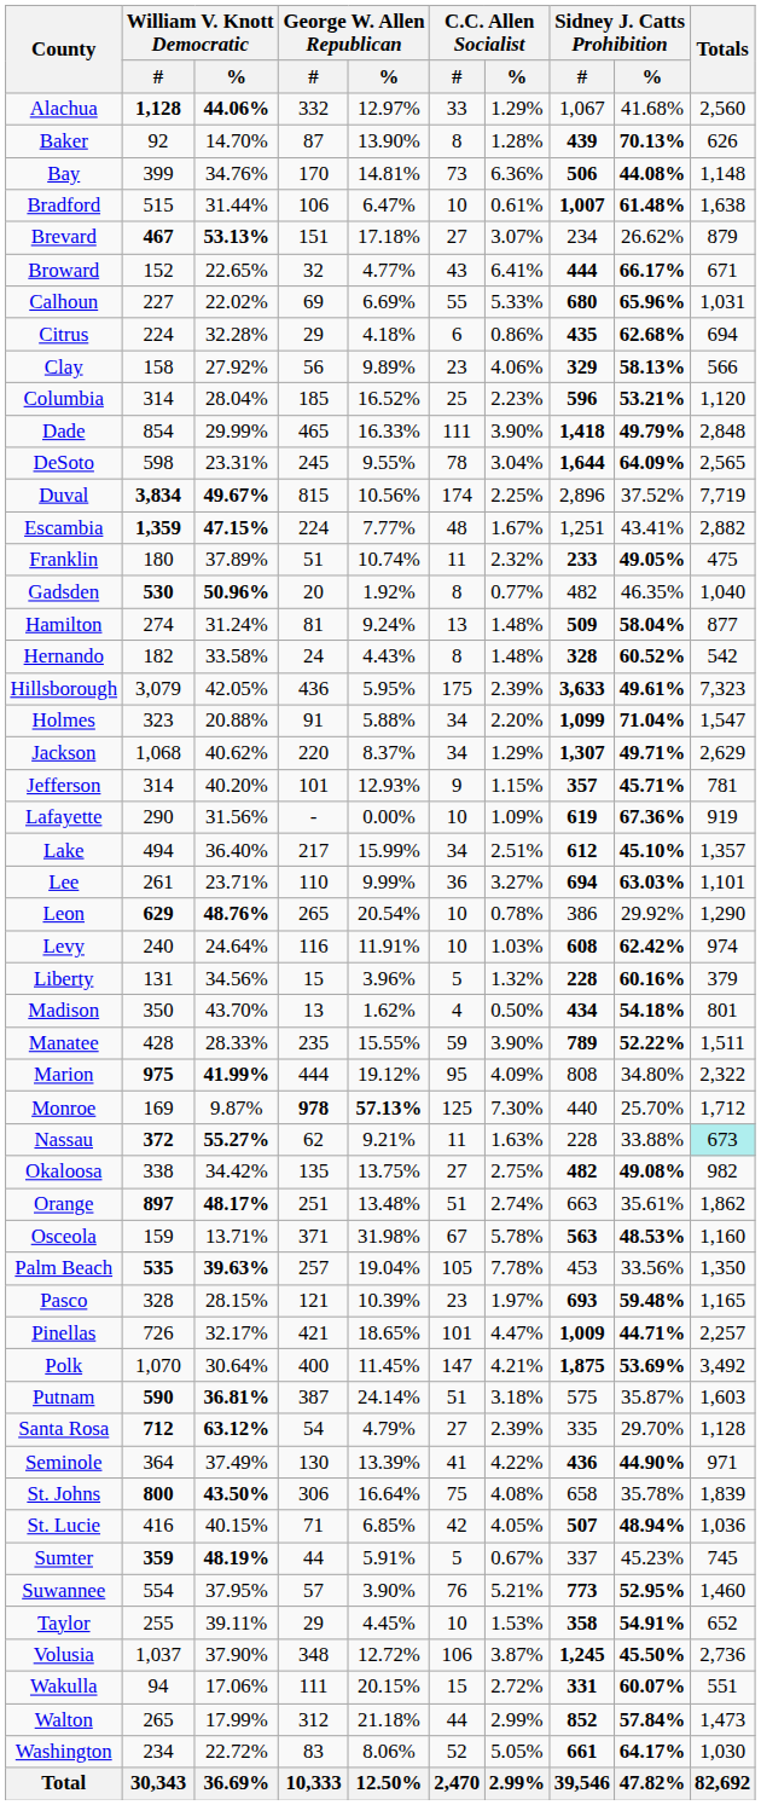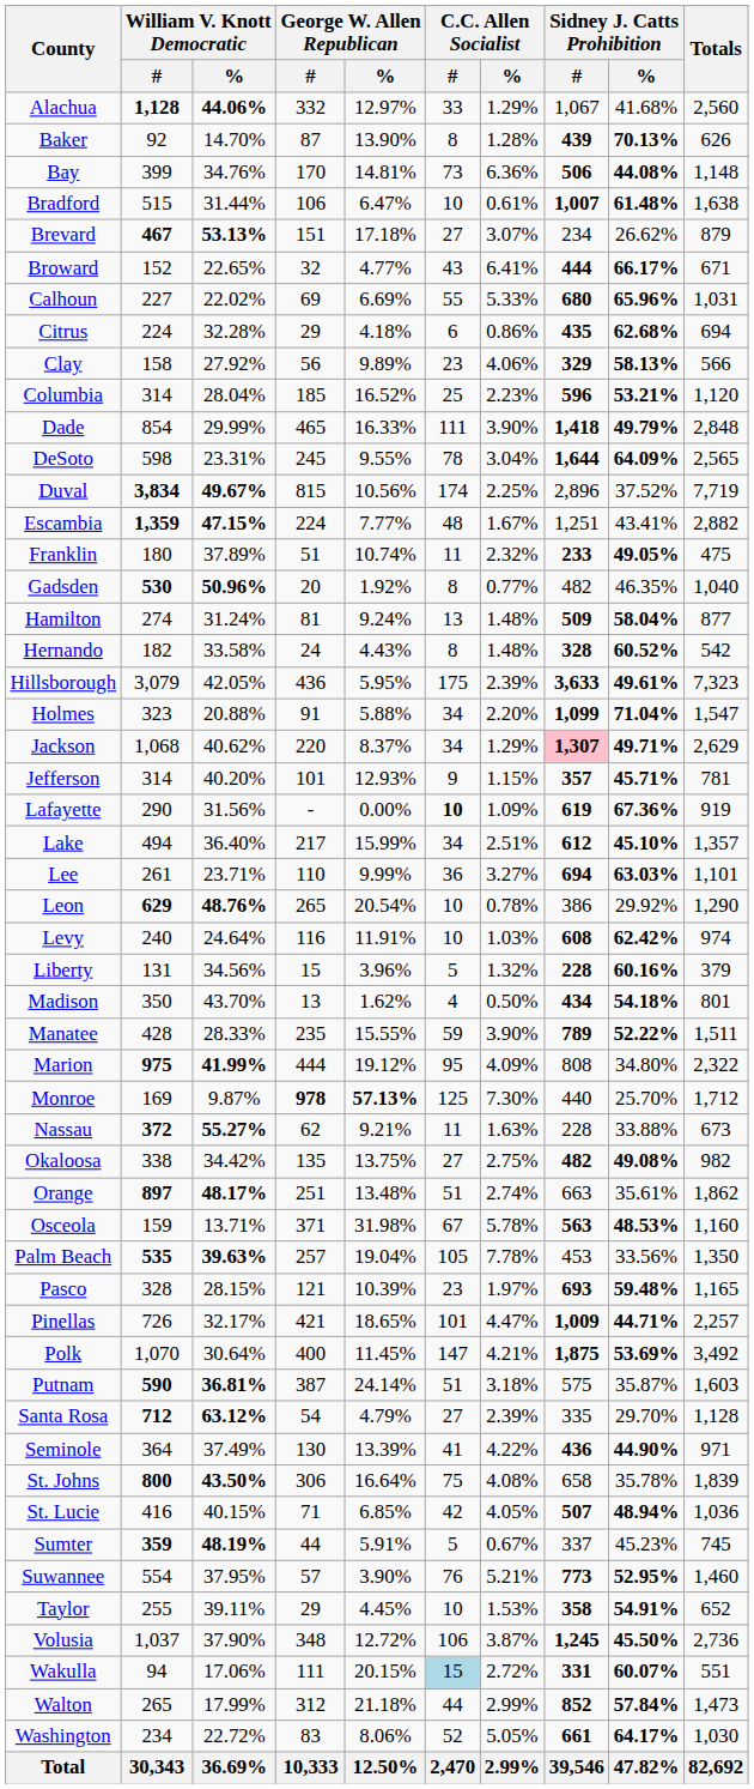 <table class="wikitable sortable">
 <tr>
 <th rowspan="2">County</th>
 <th colspan="2" style="text-align: center;" >William V. Knott <br><em>Democratic</em></th>
 <th colspan="2" style="text-align: center;" >George W. Allen <br> <em>Republican</em></th>
 <th colspan="2" style="text-align: center;" >C.C. Allen <br> <em>Socialist</em></th>
 <th colspan="2" style="text-align: center;" >Sidney J. Catts  <br> <em>Prohibition</em></th>
 <th rowspan="2">Totals</th>
 </tr>
 <tr>
 <th colspan="1" style="text-align: center;" >#</th>
 <th colspan="1" style="text-align: center;" >%</th>
 <th colspan="1" style="text-align: center;" >#</th>
 <th colspan="1" style="text-align: center;" >%</th>
 <th colspan="1" style="text-align: center;" >#</th>
 <th colspan="1" style="text-align: center;" >%</th>
 <th colspan="1" style="text-align: center;" >#</th>
 <th colspan="1" style="text-align: center;" >%</th>
 </tr>
 <tr style="text-align:center;">
 <td><a href='#'>Alachua</a></td>
 <td><strong>1,128</strong></td>
 <td><strong>44.06%</strong></td>
 <td>332</td>
 <td>12.97%</td>
 <td>33</td>
 <td>1.29%</td>
 <td>1,067</td>
 <td>41.68%</td>
 <td>2,560</td>
 </tr>
 <tr style="text-align:center;">
 <td><a href='#'>Baker</a></td>
 <td>92</td>
 <td>14.70%</td>
 <td>87</td>
 <td>13.90%</td>
 <td>8</td>
 <td>1.28%</td>
 <td><strong>439</strong></td>
 <td><strong>70.13%</strong></td>
 <td>626</td>
 </tr>
 <tr style="text-align:center;">
 <td><a href='#'>Bay</a></td>
 <td>399</td>
 <td>34.76%</td>
 <td>170</td>
 <td>14.81%</td>
 <td>73</td>
 <td>6.36%</td>
 <td><strong>506</strong></td>
 <td><strong>44.08%</strong></td>
 <td>1,148</td>
 </tr>
 <tr style="text-align:center;">
 <td><a href='#'>Bradford</a></td>
 <td>515</td>
 <td>31.44%</td>
 <td>106</td>
 <td>6.47%</td>
 <td>10</td>
 <td>0.61%</td>
 <td><strong>1,007</strong></td>
 <td><strong>61.48%</strong></td>
 <td>1,638</td>
 </tr>
 <tr style="text-align:center;">
 <td><a href='#'>Brevard</a></td>
 <td><strong>467</strong></td>
 <td><strong>53.13%</strong></td>
 <td>151</td>
 <td>17.18%</td>
 <td>27</td>
 <td>3.07%</td>
 <td>234</td>
 <td>26.62%</td>
 <td>879</td>
 </tr>
 <tr style="text-align:center;">
 <td><a href='#'>Broward</a></td>
 <td>152</td>
 <td>22.65%</td>
 <td>32</td>
 <td>4.77%</td>
 <td>43</td>
 <td>6.41%</td>
 <td><strong>444</strong></td>
 <td><strong>66.17%</strong></td>
 <td>671</td>
 </tr>
 <tr style="text-align:center;">
 <td><a href='#'>Calhoun</a></td>
 <td>227</td>
 <td>22.02%</td>
 <td>69</td>
 <td>6.69%</td>
 <td>55</td>
 <td>5.33%</td>
 <td><strong>680</strong></td>
 <td><strong>65.96%</strong></td>
 <td>1,031</td>
 </tr>
 <tr style="text-align:center;">
 <td><a href='#'>Citrus</a></td>
 <td>224</td>
 <td>32.28%</td>
 <td>29</td>
 <td>4.18%</td>
 <td>6</td>
 <td>0.86%</td>
 <td><strong>435</strong></td>
 <td><strong>62.68%</strong></td>
 <td>694</td>
 </tr>
 <tr style="text-align:center;">
 <td><a href='#'>Clay</a></td>
 <td>158</td>
 <td>27.92%</td>
 <td>56</td>
 <td>9.89%</td>
 <td>23</td>
 <td>4.06%</td>
 <td><strong>329</strong></td>
 <td><strong>58.13%</strong></td>
 <td>566</td>
 </tr>
 <tr style="text-align:center;">
 <td><a href='#'>Columbia</a></td>
 <td>314</td>
 <td>28.04%</td>
 <td>185</td>
 <td>16.52%</td>
 <td>25</td>
 <td>2.23%</td>
 <td><strong>596</strong></td>
 <td><strong>53.21%</strong></td>
 <td>1,120</td>
 </tr>
 <tr style="text-align:center;">
 <td><a href='#'>Dade</a></td>
 <td>854</td>
 <td>29.99%</td>
 <td>465</td>
 <td>16.33%</td>
 <td>111</td>
 <td>3.90%</td>
 <td><strong>1,418</strong></td>
 <td><strong>49.79%</strong></td>
 <td>2,848</td>
 </tr>
 <tr style="text-align:center;">
 <td><a href='#'>DeSoto</a></td>
 <td>598</td>
 <td>23.31%</td>
 <td>245</td>
 <td>9.55%</td>
 <td>78</td>
 <td>3.04%</td>
 <td><strong>1,644</strong></td>
 <td><strong>64.09%</strong></td>
 <td>2,565</td>
 </tr>
 <tr style="text-align:center;">
 <td><a href='#'>Duval</a></td>
 <td><strong>3,834</strong></td>
 <td><strong>49.67%</strong></td>
 <td>815</td>
 <td>10.56%</td>
 <td>174</td>
 <td>2.25%</td>
 <td>2,896</td>
 <td>37.52%</td>
 <td>7,719</td>
 </tr>
 <tr style="text-align:center;">
 <td><a href='#'>Escambia</a></td>
 <td><strong>1,359</strong></td>
 <td><strong>47.15%</strong></td>
 <td>224</td>
 <td>7.77%</td>
 <td>48</td>
 <td>1.67%</td>
 <td>1,251</td>
 <td>43.41%</td>
 <td>2,882</td>
 </tr>
 <tr style="text-align:center;">
 <td><a href='#'>Franklin</a></td>
 <td>180</td>
 <td>37.89%</td>
 <td>51</td>
 <td>10.74%</td>
 <td>11</td>
 <td>2.32%</td>
 <td><strong>233</strong></td>
 <td><strong>49.05%</strong></td>
 <td>475</td>
 </tr>
 <tr style="text-align:center;">
 <td><a href='#'>Gadsden</a></td>
 <td><strong>530</strong></td>
 <td><strong>50.96%</strong></td>
 <td>20</td>
 <td>1.92%</td>
 <td>8</td>
 <td>0.77%</td>
 <td>482</td>
 <td>46.35%</td>
 <td>1,040</td>
 </tr>
 <tr style="text-align:center;">
 <td><a href='#'>Hamilton</a></td>
 <td>274</td>
 <td>31.24%</td>
 <td>81</td>
 <td>9.24%</td>
 <td>13</td>
 <td>1.48%</td>
 <td><strong>509</strong></td>
 <td><strong>58.04%</strong></td>
 <td>877</td>
 </tr>
 <tr style="text-align:center;">
 <td><a href='#'>Hernando</a></td>
 <td>182</td>
 <td>33.58%</td>
 <td>24</td>
 <td>4.43%</td>
 <td>8</td>
 <td>1.48%</td>
 <td><strong>328</strong></td>
 <td><strong>60.52%</strong></td>
 <td>542</td>
 </tr>
 <tr style="text-align:center;">
 <td><a href='#'>Hillsborough</a></td>
 <td>3,079</td>
 <td>42.05%</td>
 <td>436</td>
 <td>5.95%</td>
 <td>175</td>
 <td>2.39%</td>
 <td><strong>3,633</strong></td>
 <td><strong>49.61%</strong></td>
 <td>7,323</td>
 </tr>
 <tr style="text-align:center;">
 <td><a href='#'>Holmes</a></td>
 <td>323</td>
 <td>20.88%</td>
 <td>91</td>
 <td>5.88%</td>
 <td>34</td>
 <td>2.20%</td>
 <td><strong>1,099</strong></td>
 <td><strong>71.04%</strong></td>
 <td>1,547</td>
 </tr>
 <tr style="text-align:center;">
 <td><a href='#'>Jackson</a></td>
 <td>1,068</td>
 <td>40.62%</td>
 <td>220</td>
 <td>8.37%</td>
 <td>34</td>
 <td>1.29%</td>
-<td><strong>1,307</strong></td>
+<td style="background: pink;"><strong>1,307</strong></td>
 <td><strong>49.71%</strong></td>
 <td>2,629</td>
 </tr>
 <tr style="text-align:center;">
 <td><a href='#'>Jefferson</a></td>
 <td>314</td>
 <td>40.20%</td>
 <td>101</td>
 <td>12.93%</td>
 <td>9</td>
 <td>1.15%</td>
 <td><strong>357</strong></td>
 <td><strong>45.71%</strong></td>
 <td>781</td>
 </tr>
 <tr style="text-align:center;">
 <td><a href='#'>Lafayette</a></td>
 <td>290</td>
 <td>31.56%</td>
 <td>-</td>
 <td>0.00%</td>
-<td>10</td>
+<td><strong>10</strong></td>
 <td>1.09%</td>
 <td><strong>619</strong></td>
 <td><strong>67.36%</strong></td>
 <td>919</td>
 </tr>
 <tr style="text-align:center;">
 <td><a href='#'>Lake</a></td>
 <td>494</td>
 <td>36.40%</td>
 <td>217</td>
 <td>15.99%</td>
 <td>34</td>
 <td>2.51%</td>
 <td><strong>612</strong></td>
 <td><strong>45.10%</strong></td>
 <td>1,357</td>
 </tr>
 <tr style="text-align:center;">
 <td><a href='#'>Lee</a></td>
 <td>261</td>
 <td>23.71%</td>
 <td>110</td>
 <td>9.99%</td>
 <td>36</td>
 <td>3.27%</td>
 <td><strong>694</strong></td>
 <td><strong>63.03%</strong></td>
 <td>1,101</td>
 </tr>
 <tr style="text-align:center;">
 <td><a href='#'>Leon</a></td>
 <td><strong>629</strong></td>
 <td><strong>48.76%</strong></td>
 <td>265</td>
 <td>20.54%</td>
 <td>10</td>
 <td>0.78%</td>
 <td>386</td>
 <td>29.92%</td>
 <td>1,290</td>
 </tr>
 <tr style="text-align:center;">
 <td><a href='#'>Levy</a></td>
 <td>240</td>
 <td>24.64%</td>
 <td>116</td>
 <td>11.91%</td>
 <td>10</td>
 <td>1.03%</td>
 <td><strong>608</strong></td>
 <td><strong>62.42%</strong></td>
 <td>974</td>
 </tr>
 <tr style="text-align:center;">
 <td><a href='#'>Liberty</a></td>
 <td>131</td>
 <td>34.56%</td>
 <td>15</td>
 <td>3.96%</td>
 <td>5</td>
 <td>1.32%</td>
 <td><strong>228</strong></td>
 <td><strong>60.16%</strong></td>
 <td>379</td>
 </tr>
 <tr style="text-align:center;">
 <td><a href='#'>Madison</a></td>
 <td>350</td>
 <td>43.70%</td>
 <td>13</td>
 <td>1.62%</td>
 <td>4</td>
 <td>0.50%</td>
 <td><strong>434</strong></td>
 <td><strong>54.18%</strong></td>
 <td>801</td>
 </tr>
 <tr style="text-align:center;">
 <td><a href='#'>Manatee</a></td>
 <td>428</td>
 <td>28.33%</td>
 <td>235</td>
 <td>15.55%</td>
 <td>59</td>
 <td>3.90%</td>
 <td><strong>789</strong></td>
 <td><strong>52.22%</strong></td>
 <td>1,511</td>
 </tr>
 <tr style="text-align:center;">
 <td><a href='#'>Marion</a></td>
 <td><strong>975</strong></td>
 <td><strong>41.99%</strong></td>
 <td>444</td>
 <td>19.12%</td>
 <td>95</td>
 <td>4.09%</td>
 <td>808</td>
 <td>34.80%</td>
 <td>2,322</td>
 </tr>
 <tr style="text-align:center;">
 <td><a href='#'>Monroe</a></td>
 <td>169</td>
 <td>9.87%</td>
 <td><strong>978</strong></td>
 <td><strong>57.13%</strong></td>
 <td>125</td>
 <td>7.30%</td>
 <td>440</td>
 <td>25.70%</td>
 <td>1,712</td>
 </tr>
 <tr style="text-align:center;">
 <td><a href='#'>Nassau</a></td>
 <td><strong>372</strong></td>
 <td><strong>55.27%</strong></td>
 <td>62</td>
 <td>9.21%</td>
 <td>11</td>
 <td>1.63%</td>
 <td>228</td>
 <td>33.88%</td>
-<td style="background: paleturquoise;">673</td>
+<td>673</td>
 </tr>
 <tr style="text-align:center;">
 <td><a href='#'>Okaloosa</a></td>
 <td>338</td>
 <td>34.42%</td>
 <td>135</td>
 <td>13.75%</td>
 <td>27</td>
 <td>2.75%</td>
 <td><strong>482</strong></td>
 <td><strong>49.08%</strong></td>
 <td>982</td>
 </tr>
 <tr style="text-align:center;">
 <td><a href='#'>Orange</a></td>
 <td><strong>897</strong></td>
 <td><strong>48.17%</strong></td>
 <td>251</td>
 <td>13.48%</td>
 <td>51</td>
 <td>2.74%</td>
 <td>663</td>
 <td>35.61%</td>
 <td>1,862</td>
 </tr>
 <tr style="text-align:center;">
 <td><a href='#'>Osceola</a></td>
 <td>159</td>
 <td>13.71%</td>
 <td>371</td>
 <td>31.98%</td>
 <td>67</td>
 <td>5.78%</td>
 <td><strong>563</strong></td>
 <td><strong>48.53%</strong></td>
 <td>1,160</td>
 </tr>
 <tr style="text-align:center;">
 <td><a href='#'>Palm Beach</a></td>
 <td><strong>535</strong></td>
 <td><strong>39.63%</strong></td>
 <td>257</td>
 <td>19.04%</td>
 <td>105</td>
 <td>7.78%</td>
 <td>453</td>
 <td>33.56%</td>
 <td>1,350</td>
 </tr>
 <tr style="text-align:center;">
 <td><a href='#'>Pasco</a></td>
 <td>328</td>
 <td>28.15%</td>
 <td>121</td>
 <td>10.39%</td>
 <td>23</td>
 <td>1.97%</td>
 <td><strong>693</strong></td>
 <td><strong>59.48%</strong></td>
 <td>1,165</td>
 </tr>
 <tr style="text-align:center;">
 <td><a href='#'>Pinellas</a></td>
 <td>726</td>
 <td>32.17%</td>
 <td>421</td>
 <td>18.65%</td>
 <td>101</td>
 <td>4.47%</td>
 <td><strong>1,009</strong></td>
 <td><strong>44.71%</strong></td>
 <td>2,257</td>
 </tr>
 <tr style="text-align:center;">
 <td><a href='#'>Polk</a></td>
 <td>1,070</td>
 <td>30.64%</td>
 <td>400</td>
 <td>11.45%</td>
 <td>147</td>
 <td>4.21%</td>
 <td><strong>1,875</strong></td>
 <td><strong>53.69%</strong></td>
 <td>3,492</td>
 </tr>
 <tr style="text-align:center;">
 <td><a href='#'>Putnam</a></td>
 <td><strong>590</strong></td>
 <td><strong>36.81%</strong></td>
 <td>387</td>
 <td>24.14%</td>
 <td>51</td>
 <td>3.18%</td>
 <td>575</td>
 <td>35.87%</td>
 <td>1,603</td>
 </tr>
 <tr style="text-align:center;">
 <td><a href='#'>Santa Rosa</a></td>
 <td><strong>712</strong></td>
 <td><strong>63.12%</strong></td>
 <td>54</td>
 <td>4.79%</td>
 <td>27</td>
 <td>2.39%</td>
 <td>335</td>
 <td>29.70%</td>
 <td>1,128</td>
 </tr>
 <tr style="text-align:center;">
 <td><a href='#'>Seminole</a></td>
 <td>364</td>
 <td>37.49%</td>
 <td>130</td>
 <td>13.39%</td>
 <td>41</td>
 <td>4.22%</td>
 <td><strong>436</strong></td>
 <td><strong>44.90%</strong></td>
 <td>971</td>
 </tr>
 <tr style="text-align:center;">
 <td><a href='#'>St. Johns</a></td>
 <td><strong>800</strong></td>
 <td><strong>43.50%</strong></td>
 <td>306</td>
 <td>16.64%</td>
 <td>75</td>
 <td>4.08%</td>
 <td>658</td>
 <td>35.78%</td>
 <td>1,839</td>
 </tr>
 <tr style="text-align:center;">
 <td><a href='#'>St. Lucie</a></td>
 <td>416</td>
 <td>40.15%</td>
 <td>71</td>
 <td>6.85%</td>
 <td>42</td>
 <td>4.05%</td>
 <td><strong>507</strong></td>
 <td><strong>48.94%</strong></td>
 <td>1,036</td>
 </tr>
 <tr style="text-align:center;">
 <td><a href='#'>Sumter</a></td>
 <td><strong>359</strong></td>
 <td><strong>48.19%</strong></td>
 <td>44</td>
 <td>5.91%</td>
 <td>5</td>
 <td>0.67%</td>
 <td>337</td>
 <td>45.23%</td>
 <td>745</td>
 </tr>
 <tr style="text-align:center;">
 <td><a href='#'>Suwannee</a></td>
 <td>554</td>
 <td>37.95%</td>
 <td>57</td>
 <td>3.90%</td>
 <td>76</td>
 <td>5.21%</td>
 <td><strong>773</strong></td>
 <td><strong>52.95%</strong></td>
 <td>1,460</td>
 </tr>
 <tr style="text-align:center;">
 <td><a href='#'>Taylor</a></td>
 <td>255</td>
 <td>39.11%</td>
 <td>29</td>
 <td>4.45%</td>
 <td>10</td>
 <td>1.53%</td>
 <td><strong>358</strong></td>
 <td><strong>54.91%</strong></td>
 <td>652</td>
 </tr>
 <tr style="text-align:center;">
 <td><a href='#'>Volusia</a></td>
 <td>1,037</td>
 <td>37.90%</td>
 <td>348</td>
 <td>12.72%</td>
 <td>106</td>
 <td>3.87%</td>
 <td><strong>1,245</strong></td>
 <td><strong>45.50%</strong></td>
 <td>2,736</td>
 </tr>
 <tr style="text-align:center;">
 <td><a href='#'>Wakulla</a></td>
 <td>94</td>
 <td>17.06%</td>
 <td>111</td>
 <td>20.15%</td>
-<td>15</td>
+<td style="background: lightblue;">15</td>
 <td>2.72%</td>
 <td><strong>331</strong></td>
 <td><strong>60.07%</strong></td>
 <td>551</td>
 </tr>
 <tr style="text-align:center;">
 <td><a href='#'>Walton</a></td>
 <td>265</td>
 <td>17.99%</td>
 <td>312</td>
 <td>21.18%</td>
 <td>44</td>
 <td>2.99%</td>
 <td><strong>852</strong></td>
 <td><strong>57.84%</strong></td>
 <td>1,473</td>
 </tr>
 <tr style="text-align:center;">
 <td><a href='#'>Washington</a></td>
 <td>234</td>
 <td>22.72%</td>
 <td>83</td>
 <td>8.06%</td>
 <td>52</td>
 <td>5.05%</td>
 <td><strong>661</strong></td>
 <td><strong>64.17%</strong></td>
 <td>1,030</td>
 </tr>
 <tr>
 <th><strong>Total</strong></th>
 <th>30,343</th>
 <th>36.69%</th>
 <th>10,333</th>
 <th>12.50%</th>
 <th>2,470</th>
 <th>2.99%</th>
 <th>39,546</th>
 <th>47.82%</th>
 <th>82,692</th>
 </tr>
 </table>
